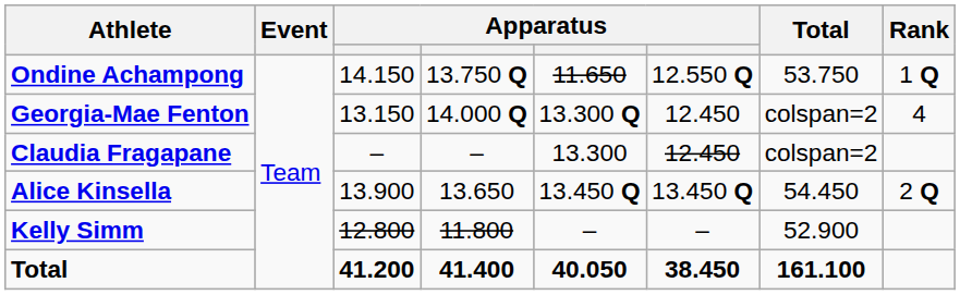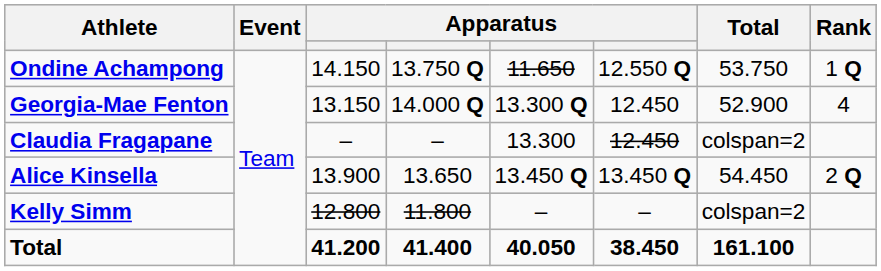 <table class="wikitable" style="font-size:90%; text-align:center">
 <tr>
 <th rowspan=2>Athlete</th>
 <th rowspan=2>Event</th>
 <th colspan=4>Apparatus</th>
 <th rowspan=2>Total</th>
 <th rowspan=2>Rank</th>
 </tr>
 <tr style="font-size:95%">
 <th></th>
 <th></th>
 <th></th>
 <th></th>
 </tr>
 <tr>
 <td align=left><strong><a href='#'>Ondine Achampong</a></strong></td>
 <td align=left rowspan=6><a href='#'>Team</a></td>
 <td>14.150</td>
 <td>13.750 <strong>Q</strong></td>
 <td><s>11.650</s></td>
 <td>12.550 <strong>Q</strong></td>
 <td>53.750</td>
 <td>1 <strong>Q</strong></td>
 </tr>
 <tr>
 <td align=left><strong><a href='#'>Georgia-Mae Fenton</a></strong></td>
 <td>13.150</td>
 <td>14.000 <strong>Q</strong></td>
 <td>13.300 <strong>Q</strong></td>
 <td>12.450</td>
-<td>colspan=2 </td>
+<td>52.900</td>
 <td>4</td>
 </tr>
 <tr>
 <td align=left><strong><a href='#'>Claudia Fragapane</a></strong></td>
 <td>–</td>
 <td>–</td>
 <td>13.300</td>
 <td><s>12.450</s></td>
 <td>colspan=2 </td>
 </tr>
 <tr>
 <td align=left><strong><a href='#'>Alice Kinsella</a></strong></td>
 <td>13.900</td>
 <td>13.650</td>
 <td>13.450 <strong>Q</strong></td>
 <td>13.450 <strong>Q</strong></td>
 <td>54.450</td>
 <td>2 <strong>Q</strong></td>
 </tr>
 <tr>
 <td align=left><strong><a href='#'>Kelly Simm</a></strong></td>
 <td><s>12.800</s></td>
 <td><s>11.800</s></td>
 <td>–</td>
 <td>–</td>
-<td>52.900</td>
+<td>colspan=2 </td>
 </tr>
 <tr>
 <td align=left><strong>Total</strong></td>
 <td><strong>41.200</strong></td>
 <td><strong>41.400</strong></td>
 <td><strong>40.050</strong></td>
 <td><strong>38.450</strong></td>
 <td><strong>161.100</strong></td>
 <td></td>
 </tr>
 </table>
